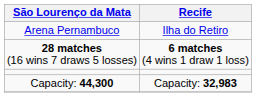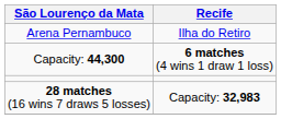 <table class="wikitable" style="text-align:center">
 <tr>
 <th><a href='#'>São Lourenço da Mata</a></th>
 <th><a href='#'>Recife</a></th>
 </tr>
 <tr>
 <td><a href='#'>Arena Pernambuco</a></td>
 <td><a href='#'>Ilha do Retiro</a></td>
 </tr>
 <tr>
-<td><strong>28 matches</strong><br>(16 wins 7 draws 5 losses)</td>
+<td>Capacity: <strong>44,300</strong></td>
 <td><strong>6 matches</strong><br>(4 wins 1 draw 1 loss)</td>
 </tr>
 <tr>
 <td></td>
 <td></td>
 </tr>
 <tr>
-<td>Capacity: <strong>44,300</strong></td>
+<td><strong>28 matches</strong><br>(16 wins 7 draws 5 losses)</td>
 <td>Capacity: <strong>32,983</strong></td>
 </tr>
 <tr>
 </tr>
 </table>
